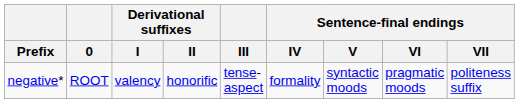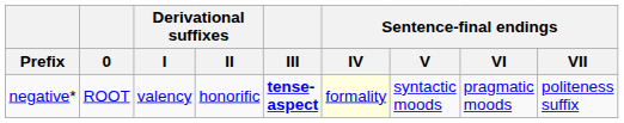 <table class=wikitable>
 <tr>
 <th></th>
 <th></th>
 <th colspan=2>Derivational suffixes</th>
 <th></th>
 <th colspan=4>Sentence-final endings</th>
 </tr>
 <tr>
 <th>Prefix</th>
 <th>0</th>
 <th>I</th>
 <th>II</th>
 <th>III</th>
 <th>IV</th>
 <th>V</th>
 <th>VI</th>
 <th>VII</th>
 </tr>
 <tr>
 <td><a href='#'>negative</a>*</td>
 <td><a href='#'>ROOT</a></td>
 <td><a href='#'>valency</a></td>
 <td><a href='#'>honorific</a></td>
-<td><a href='#'>tense</a>-<a href='#'>aspect</a></td>
-<td><a href='#'>formality</a></td>
+<td><strong><a href='#'>tense</a>-<a href='#'>aspect</a></strong></td>
+<td style="background: lightyellow;"><a href='#'>formality</a></td>
 <td><a href='#'>syntactic moods</a></td>
 <td><a href='#'>pragmatic moods</a></td>
 <td><a href='#'>politeness suffix</a></td>
 </tr>
 </table>
